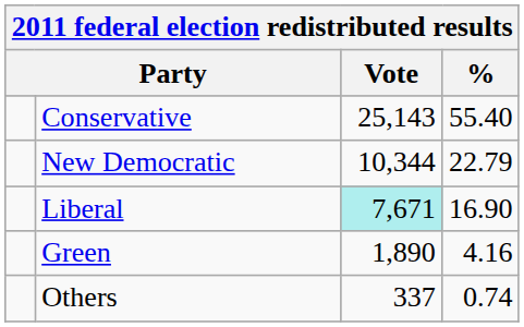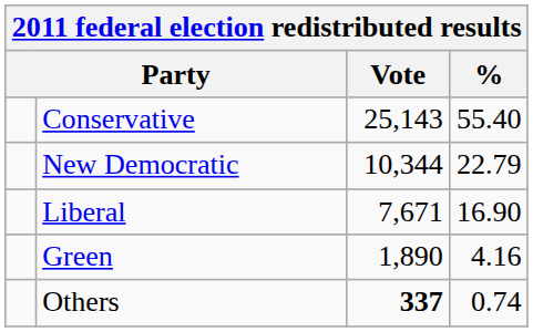 <table class="wikitable">
 <tr>
 <th colspan="4"><a href='#'>2011 federal election</a> redistributed results</th>
 </tr>
 <tr>
 <th bgcolor="#DDDDFF" width="130px" colspan="2">Party</th>
 <th bgcolor="#DDDDFF" width="50px">Vote</th>
 <th bgcolor="#DDDDFF" width="30px">%</th>
 </tr>
 <tr>
 <td> </td>
 <td><a href='#'>Conservative</a></td>
 <td align=right>25,143</td>
 <td align=right>55.40</td>
 </tr>
 <tr>
 <td> </td>
 <td><a href='#'>New Democratic</a></td>
 <td align=right>10,344</td>
 <td align=right>22.79</td>
 </tr>
 <tr>
 <td> </td>
 <td><a href='#'>Liberal</a></td>
-<td align=right style="background: paleturquoise;">7,671</td>
+<td align=right>7,671</td>
 <td align=right>16.90</td>
 </tr>
 <tr>
 <td> </td>
 <td><a href='#'>Green</a></td>
 <td align=right>1,890</td>
 <td align=right>4.16</td>
 </tr>
 <tr>
 <td> </td>
 <td>Others</td>
-<td align=right>337</td>
+<td align=right><strong>337</strong></td>
 <td align=right>0.74</td>
 </tr>
 </table>
